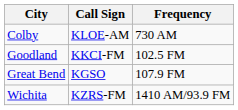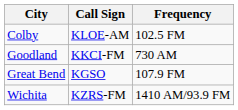 <table class="wikitable">
 <tr>
 <th>City</th>
 <th>Call Sign</th>
 <th>Frequency</th>
 </tr>
 <tr>
 <td><a href='#'>Colby</a></td>
 <td><a href='#'>KLOE</a>-AM</td>
-<td>730 AM</td>
+<td>102.5 FM</td>
 </tr>
 <tr>
 <td><a href='#'>Goodland</a></td>
 <td><a href='#'>KKCI</a>-FM</td>
-<td>102.5 FM</td>
+<td>730 AM</td>
 </tr>
 <tr>
 <td><a href='#'>Great Bend</a></td>
 <td><a href='#'>KGSO</a></td>
 <td>107.9 FM</td>
 </tr>
 <tr>
 <td><a href='#'>Wichita</a></td>
 <td><a href='#'>KZRS</a>-FM</td>
 <td>1410 AM/93.9 FM</td>
 </tr>
 </table>
